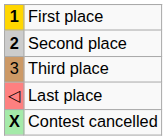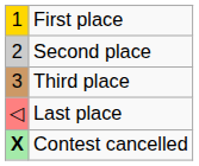 <table class="wikitable">
 <tr>
 </tr>
 <tr>
-<td style="text-align:center; background-color:#FFD700;"><strong>1</strong></td>
+<td style="text-align:center; background-color:#FFD700;">1</td>
 <td>First place</td>
 </tr>
 <tr>
-<td style="text-align:center; background-color:#CCC;"><strong>2</strong></td>
+<td style="text-align:center; background-color:#CCC;">2</td>
 <td>Second place</td>
 </tr>
 <tr>
 <td style="text-align:center; background-color:#C96;">3</td>
 <td>Third place</td>
 </tr>
 <tr>
 <td style="text-align:center; background-color:#FE8080;">◁</td>
 <td>Last place</td>
 </tr>
 <tr>
 <td style="text-align:center; background-color:#A4EAA9;"><strong>X</strong></td>
 <td>Contest cancelled</td>
 </tr>
 </table>
